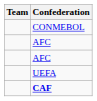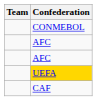 <table class="wikitable sortable" style="font-size: 95%;">
 <tr>
 <th>Team</th>
 <th>Confederation</th>
 </tr>
 <tr>
 <td></td>
 <td><a href='#'>CONMEBOL</a></td>
 </tr>
 <tr>
 <td></td>
 <td><a href='#'>AFC</a></td>
 </tr>
 <tr>
 <td></td>
 <td><a href='#'>AFC</a></td>
 </tr>
 <tr>
 <td></td>
-<td><a href='#'>UEFA</a></td>
+<td style="background: gold;"><a href='#'>UEFA</a></td>
 </tr>
 <tr>
 <td></td>
-<td><strong><a href='#'>CAF</a></strong></td>
+<td><a href='#'>CAF</a></td>
 </tr>
 </table>
